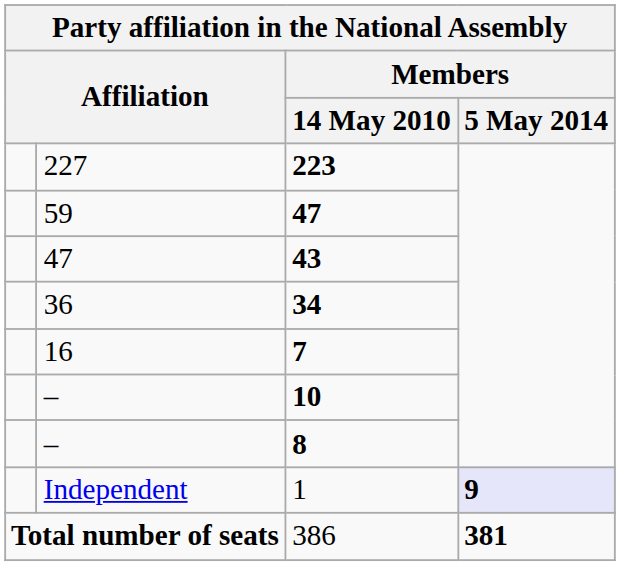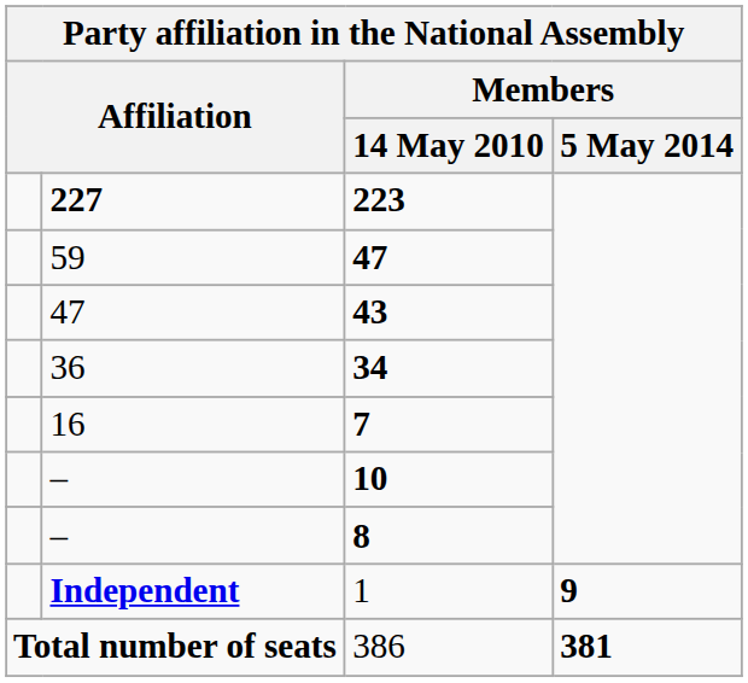 <table class="wikitable" border="1" style="float:right">
 <tr>
 <th colspan="4">Party affiliation in the National Assembly</th>
 </tr>
 <tr>
 <th colspan="2" rowspan="2" style="vertical-align:middle;">Affiliation</th>
 <th colspan="2" style="vertical-align:top;">Members</th>
 </tr>
 <tr>
 <th>14 May 2010</th>
 <th>5 May 2014</th>
 </tr>
 <tr>
 <td></td>
-<td>227</td>
+<td><strong>227</strong></td>
 <td><strong>223</strong></td>
 </tr>
 <tr>
 <td></td>
 <td>59</td>
 <td><strong>47</strong></td>
 </tr>
 <tr>
 <td></td>
 <td>47</td>
 <td><strong>43</strong></td>
 </tr>
 <tr>
 <td></td>
 <td>36</td>
 <td><strong>34</strong></td>
 </tr>
 <tr>
 <td></td>
 <td>16</td>
 <td><strong>7</strong></td>
 </tr>
 <tr>
 <td></td>
 <td>–</td>
 <td><strong>10</strong></td>
 </tr>
 <tr>
 <td></td>
 <td>–</td>
 <td><strong>8</strong></td>
 </tr>
 <tr>
 <td style="background-color:"> </td>
-<td><a href='#'>Independent</a> <br></td>
+<td><strong><a href='#'>Independent</a> <br></strong></td>
 <td>1</td>
-<td style="background: lavender;"><strong>9</strong></td>
+<td><strong>9</strong></td>
 </tr>
 <tr>
 <td colspan="2" rowspan="1"><strong>Total number of seats</strong><br></td>
 <td>386</td>
 <td><strong>381</strong></td>
 </tr>
 </table>
